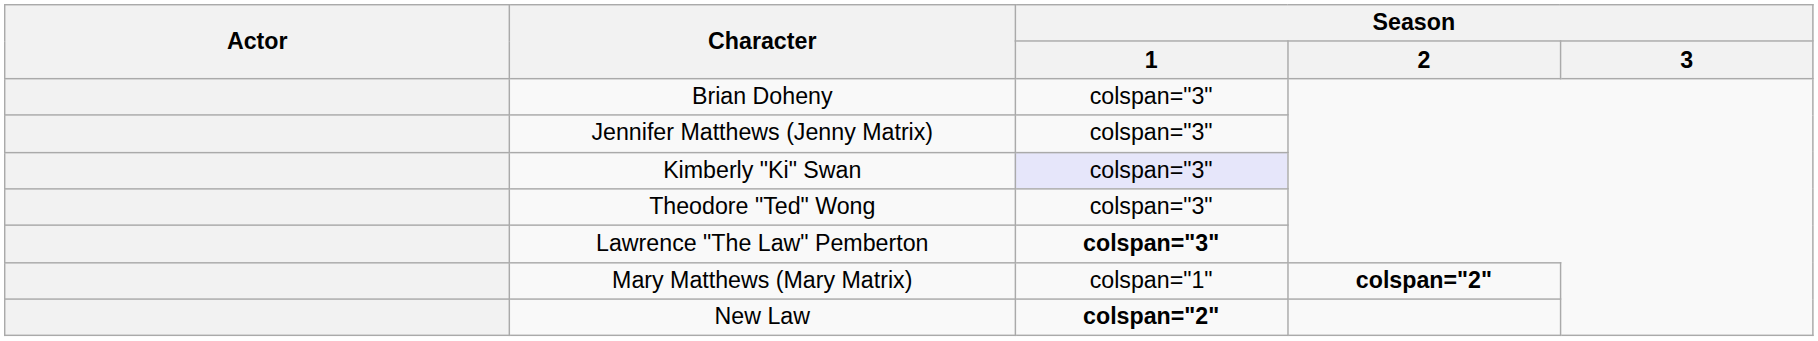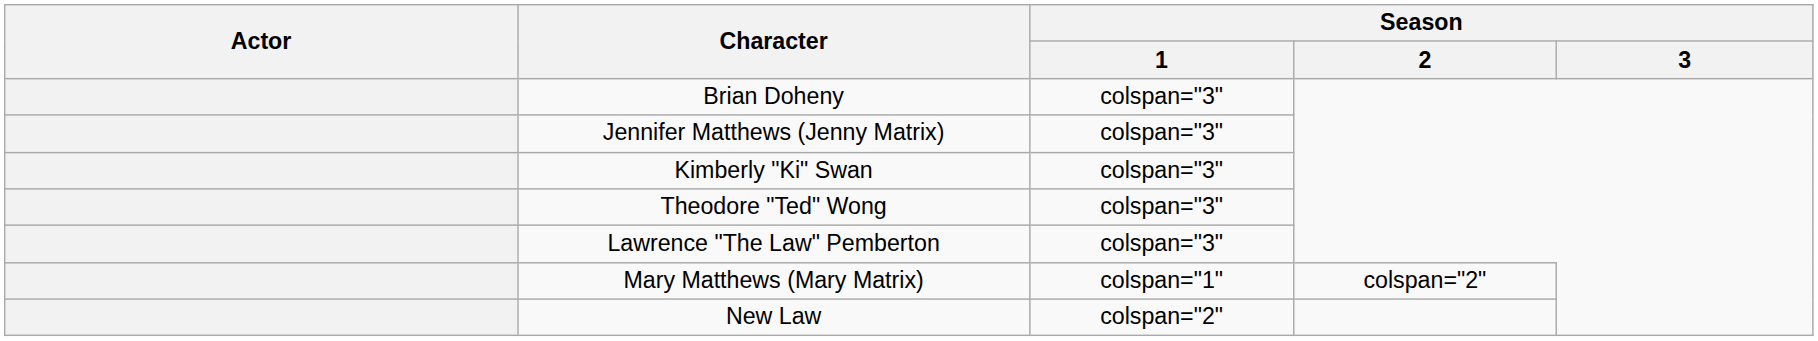 <table class="wikitable plainrowheaders" style="text-align:center">
 <tr>
 <th rowspan="2" style="width:14%;" scope="col">Actor</th>
 <th rowspan="2" style="width:14%;" scope="col">Character</th>
 <th colspan="3">Season</th>
 </tr>
 <tr>
 <th style="width:7%;" scope="col">1</th>
 <th style="width:7%;" scope="col">2</th>
 <th style="width:7%;" scope="col">3</th>
 </tr>
 <tr>
 <th scope="row"></th>
 <td>Brian Doheny</td>
 <td>colspan="3" </td>
 </tr>
 <tr>
 <th scope="row"></th>
 <td>Jennifer Matthews (Jenny Matrix)</td>
 <td>colspan="3" </td>
 </tr>
 <tr>
 <th scope="row"></th>
 <td>Kimberly "Ki" Swan</td>
-<td style="background: lavender;">colspan="3" </td>
+<td>colspan="3" </td>
 </tr>
 <tr>
 <th scope="row"></th>
 <td>Theodore "Ted" Wong</td>
 <td>colspan="3" </td>
 </tr>
 <tr>
 <th scope="row"></th>
 <td>Lawrence "The Law" Pemberton</td>
-<td><strong>colspan="3" </strong></td>
+<td>colspan="3" </td>
 </tr>
 <tr>
 <th scope="row"></th>
 <td>Mary Matthews (Mary Matrix)</td>
 <td>colspan="1" </td>
-<td><strong>colspan="2" </strong></td>
+<td>colspan="2" </td>
 </tr>
 <tr>
 <th scope="row"></th>
 <td>New Law</td>
-<td><strong>colspan="2" </strong></td>
+<td>colspan="2" </td>
 <td></td>
 </tr>
 </table>
